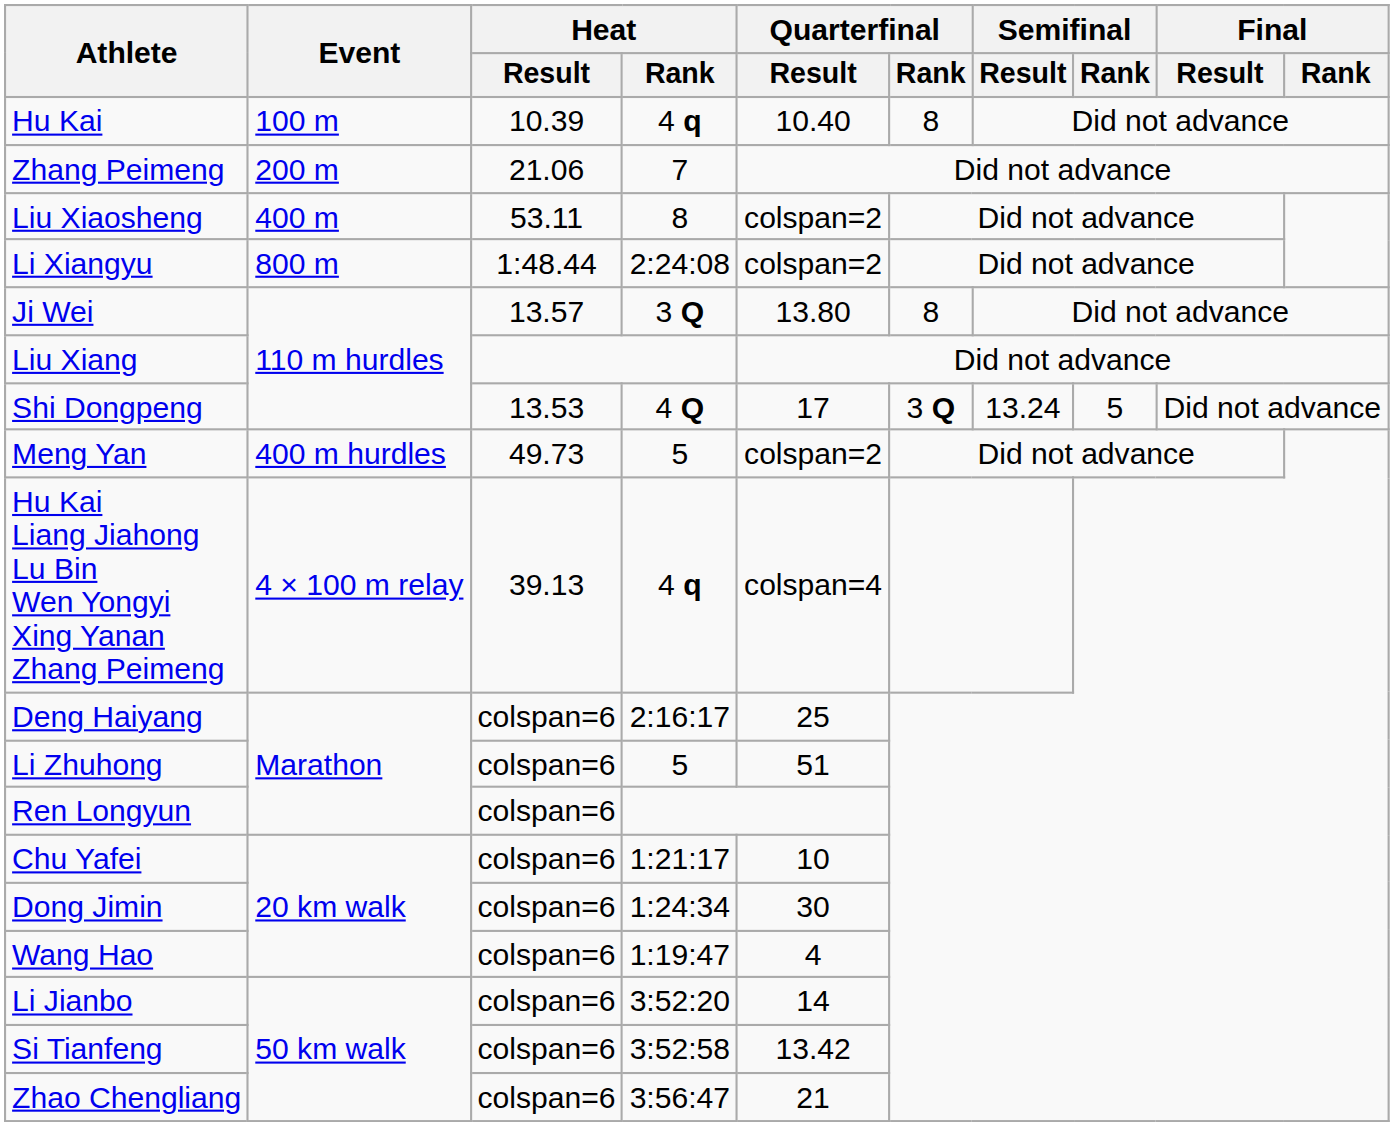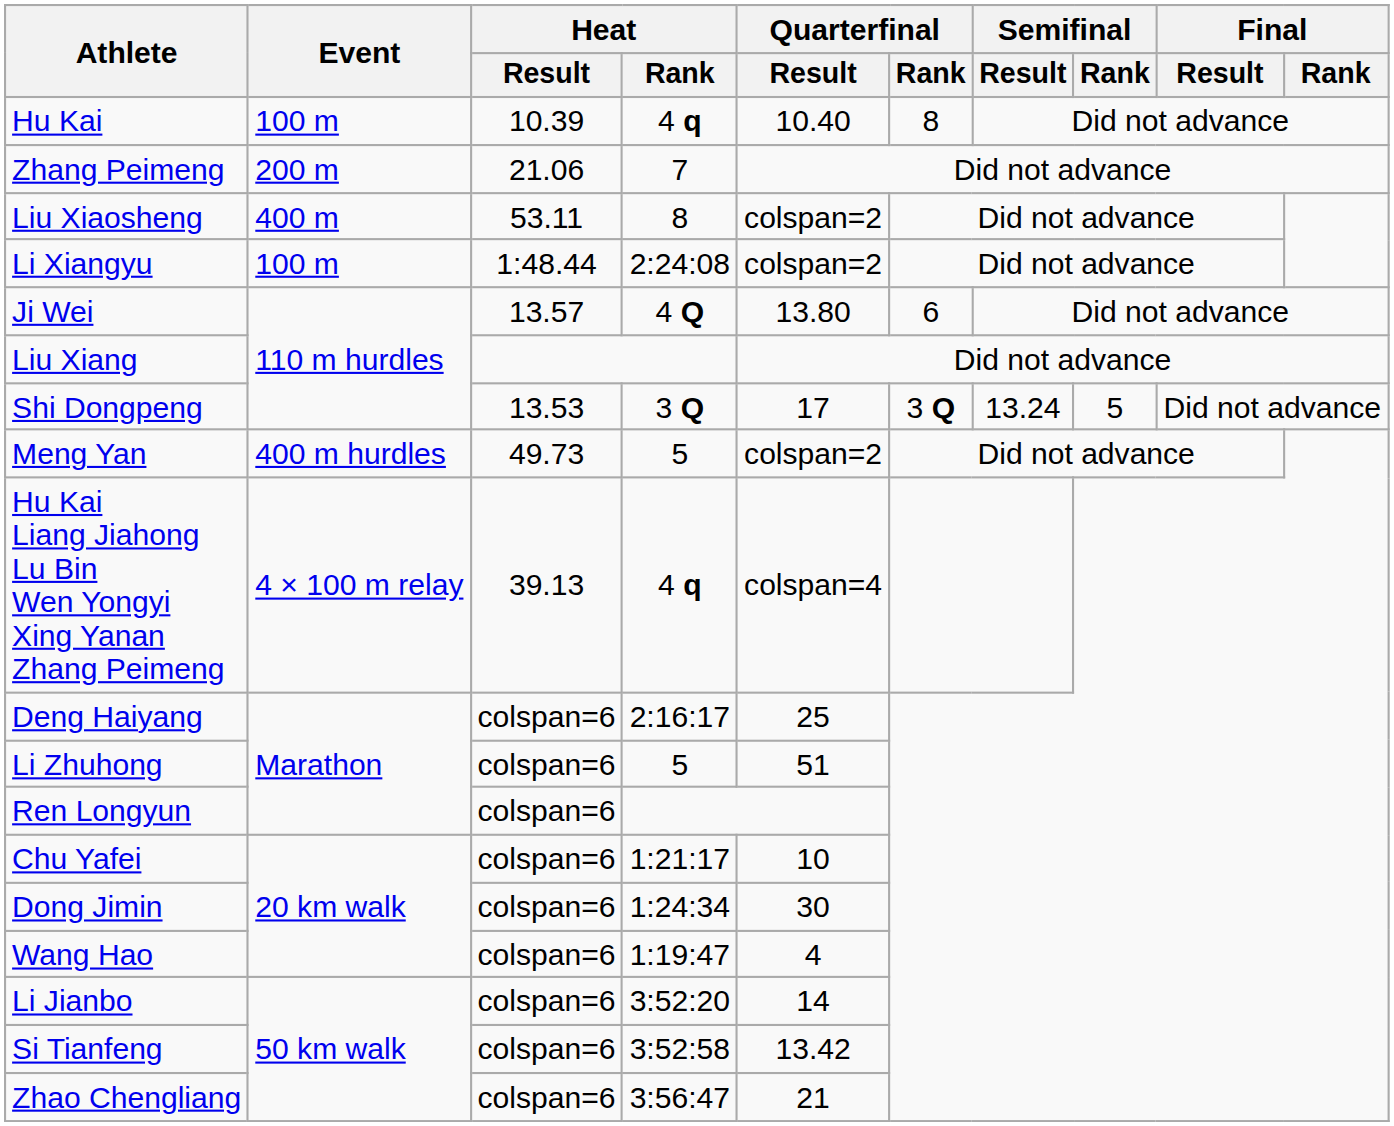 <table class=wikitable style="font-size:90%">
 <tr>
 <th rowspan="2">Athlete</th>
 <th rowspan="2">Event</th>
 <th colspan="2">Heat</th>
 <th colspan="2">Quarterfinal</th>
 <th colspan="2">Semifinal</th>
 <th colspan="2">Final</th>
 </tr>
 <tr style="font-size:95%">
 <th>Result</th>
 <th>Rank</th>
 <th>Result</th>
 <th>Rank</th>
 <th>Result</th>
 <th>Rank</th>
 <th>Result</th>
 <th>Rank</th>
 </tr>
 <tr align=center>
 <td align=left><a href='#'>Hu Kai</a></td>
 <td align=left><a href='#'>100 m</a></td>
 <td>10.39</td>
 <td>4 <strong>q</strong></td>
 <td>10.40</td>
 <td>8</td>
 <td colspan=4>Did not advance</td>
 </tr>
 <tr align=center>
 <td align=left><a href='#'>Zhang Peimeng</a></td>
 <td align=left><a href='#'>200 m</a></td>
 <td>21.06</td>
 <td>7</td>
 <td colspan=6>Did not advance</td>
 </tr>
 <tr align=center>
 <td align=left><a href='#'>Liu Xiaosheng</a></td>
 <td align=left><a href='#'>400 m</a></td>
 <td>53.11</td>
 <td>8</td>
 <td>colspan=2 </td>
 <td colspan=4>Did not advance</td>
 </tr>
 <tr align=center>
 <td align=left><a href='#'>Li Xiangyu</a></td>
-<td align=left><a href='#'>800 m</a></td>
+<td align=left><a href='#'>100 m</a></td>
 <td>1:48.44</td>
 <td>2:24:08</td>
 <td>colspan=2 </td>
 <td colspan=4>Did not advance</td>
 </tr>
 <tr align=center>
 <td align=left><a href='#'>Ji Wei</a></td>
 <td align=left rowspan=3><a href='#'>110 m hurdles</a></td>
 <td>13.57</td>
-<td>3 <strong>Q</strong></td>
+<td>4 <strong>Q</strong></td>
 <td>13.80</td>
-<td>8</td>
+<td>6</td>
 <td colspan=4>Did not advance</td>
 </tr>
 <tr align=center>
 <td align=left><a href='#'>Liu Xiang</a></td>
 <td colspan=2></td>
 <td colspan=6>Did not advance</td>
 </tr>
 <tr align=center>
 <td align=left><a href='#'>Shi Dongpeng</a></td>
 <td>13.53</td>
-<td>4 <strong>Q</strong></td>
+<td>3 <strong>Q</strong></td>
 <td>17</td>
 <td>3 <strong>Q</strong></td>
 <td>13.24</td>
 <td>5</td>
 <td colspan=2>Did not advance</td>
 </tr>
 <tr align=center>
 <td align=left><a href='#'>Meng Yan</a></td>
 <td align=left><a href='#'>400 m hurdles</a></td>
 <td>49.73</td>
 <td>5</td>
 <td>colspan=2 </td>
 <td colspan=4>Did not advance</td>
 </tr>
 <tr align=center>
 <td align=left><a href='#'>Hu Kai</a><br><a href='#'>Liang Jiahong</a><br><a href='#'>Lu Bin</a><br><a href='#'>Wen Yongyi</a><br><a href='#'>Xing Yanan</a><br><a href='#'>Zhang Peimeng</a></td>
 <td align=left><a href='#'>4 × 100 m relay</a></td>
 <td>39.13</td>
 <td>4 <strong>q</strong></td>
 <td>colspan=4 </td>
 <td colspan=2></td>
 </tr>
 <tr align=center>
 <td align=left><a href='#'>Deng Haiyang</a></td>
 <td align=left rowspan=3><a href='#'>Marathon</a></td>
 <td>colspan=6 </td>
 <td>2:16:17</td>
 <td>25</td>
 </tr>
 <tr align=center>
 <td align=left><a href='#'>Li Zhuhong</a></td>
 <td>colspan=6 </td>
 <td>5</td>
 <td>51</td>
 </tr>
 <tr align=center>
 <td align=left><a href='#'>Ren Longyun</a></td>
 <td>colspan=6 </td>
 <td colspan=2></td>
 </tr>
 <tr align=center>
 <td align=left><a href='#'>Chu Yafei</a></td>
 <td align=left rowspan=3><a href='#'>20 km walk</a></td>
 <td>colspan=6 </td>
 <td>1:21:17</td>
 <td>10</td>
 </tr>
 <tr align=center>
 <td align=left><a href='#'>Dong Jimin</a></td>
 <td>colspan=6 </td>
 <td>1:24:34</td>
 <td>30</td>
 </tr>
 <tr align=center>
 <td align=left><a href='#'>Wang Hao</a></td>
 <td>colspan=6 </td>
 <td>1:19:47</td>
 <td>4</td>
 </tr>
 <tr align=center>
 <td align=left><a href='#'>Li Jianbo</a></td>
 <td align=left rowspan=3><a href='#'>50 km walk</a></td>
 <td>colspan=6 </td>
 <td>3:52:20</td>
 <td>14</td>
 </tr>
 <tr align=center>
 <td align=left><a href='#'>Si Tianfeng</a></td>
 <td>colspan=6 </td>
 <td>3:52:58</td>
 <td>13.42</td>
 </tr>
 <tr align=center>
 <td align=left><a href='#'>Zhao Chengliang</a></td>
 <td>colspan=6 </td>
 <td>3:56:47</td>
 <td>21</td>
 </tr>
 </table>
